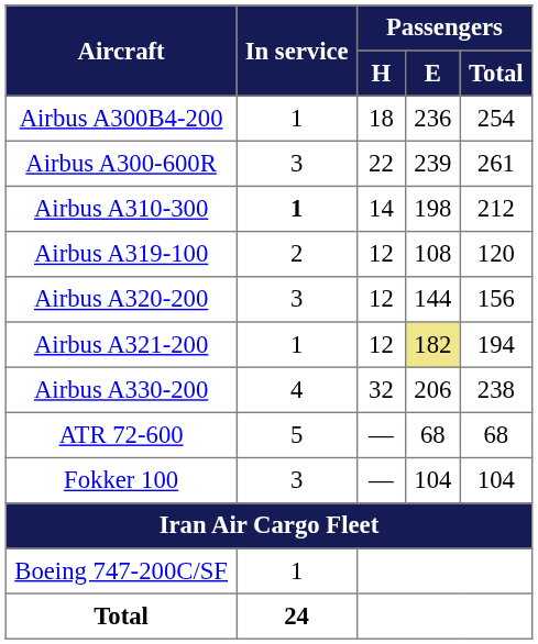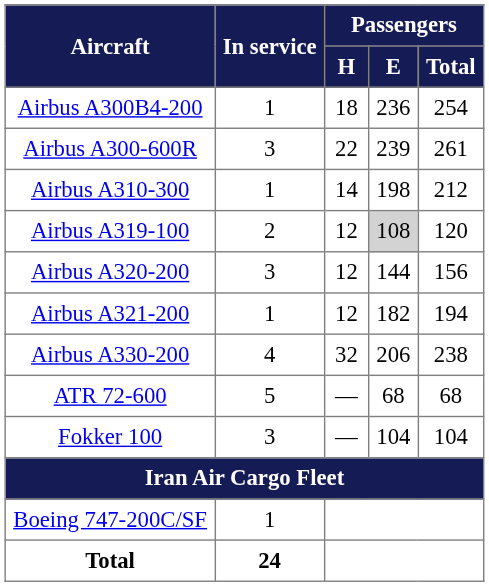 <table class="toccolours" border="1" cellpadding="5" style="border-collapse:collapse;text-align:center;margin:1em auto;">
 <tr style="background:#151B54; color:white;">
 <th rowspan="2"><span>Aircraft</span></th>
 <th rowspan="2"><span>In service</span></th>
 <th colspan="3"><span>Passengers</span></th>
 </tr>
 <tr style="background:#151B54; color:white;">
 <th style="width:20px;"><span><abbr>H</abbr></span></th>
 <th style="width:20px;"><span><abbr>E</abbr></span></th>
 <th style="width:20px;"><span>Total</span></th>
 </tr>
 <tr>
 <td><a href='#'>Airbus A300B4-200</a></td>
 <td>1</td>
 <td>18</td>
 <td>236</td>
 <td>254</td>
 </tr>
 <tr>
 <td><a href='#'>Airbus A300-600R</a></td>
 <td>3</td>
 <td>22</td>
 <td>239</td>
 <td>261</td>
 </tr>
 <tr>
 <td><a href='#'>Airbus A310-300</a></td>
-<td><strong>1</strong></td>
+<td>1</td>
 <td>14</td>
 <td>198</td>
 <td>212</td>
 </tr>
 <tr>
 <td><a href='#'>Airbus A319-100</a></td>
 <td>2</td>
 <td>12</td>
-<td>108</td>
+<td style="background: lightgrey;">108</td>
 <td>120</td>
 </tr>
 <tr>
 <td><a href='#'>Airbus A320-200</a></td>
 <td>3</td>
 <td>12</td>
 <td>144</td>
 <td>156</td>
 </tr>
 <tr>
 <td><a href='#'>Airbus A321-200</a></td>
 <td>1</td>
 <td>12</td>
-<td style="background: khaki;">182</td>
+<td>182</td>
 <td>194</td>
 </tr>
 <tr>
 <td><a href='#'>Airbus A330-200</a></td>
 <td>4</td>
 <td>32</td>
 <td>206</td>
 <td>238</td>
 </tr>
 <tr>
 <td><a href='#'>ATR 72-600</a></td>
 <td>5</td>
 <td>—</td>
 <td>68</td>
 <td>68</td>
 </tr>
 <tr>
 <td><a href='#'>Fokker 100</a></td>
 <td>3</td>
 <td>—</td>
 <td>104</td>
 <td>104</td>
 </tr>
 <tr style="background:#151B54; color:white;">
 <th colspan="5">Iran Air Cargo Fleet</th>
 </tr>
 <tr>
 <td><a href='#'>Boeing 747-200C/SF</a></td>
 <td>1</td>
 <td colspan="3" class="unsortable"><abbr></abbr></td>
 </tr>
 <tr>
 <th>Total</th>
 <th>24</th>
 <th colspan="3"></th>
 </tr>
 </table>
